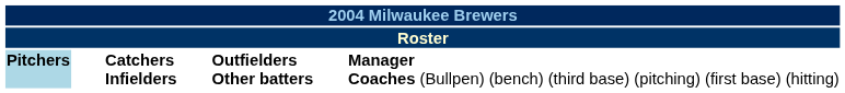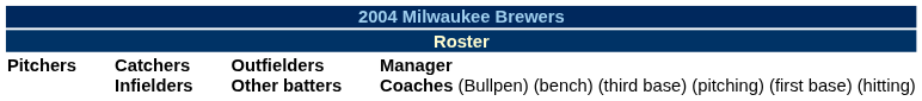 <table class="toccolours" style="font-size: 95%;">
 <tr>
 <th colspan="10" style="background-color: #00285D; color: #9ECEEE; text-align: center;">2004 Milwaukee Brewers</th>
 </tr>
 <tr>
 <td colspan="10" style="background-color: #003366; color: #FFFDD0; text-align: center;"><strong>Roster</strong></td>
 </tr>
 <tr>
-<td valign="top" style="background: lightblue;"><strong>Pitchers</strong><br>                    </td>
+<td valign="top"><strong>Pitchers</strong><br>                    </td>
 <td width="25px"></td>
 <td valign="top"><strong>Catchers</strong><br>   <strong>Infielders</strong>         </td>
 <td width="25px"></td>
 <td valign="top"><strong>Outfielders</strong><br>       <strong>Other batters</strong> </td>
 <td width="25px"></td>
 <td valign="top"><strong>Manager</strong><br>  <strong>Coaches</strong>  (Bullpen)  (bench)  (third base)    (pitching)   (first base)  (hitting)</td>
 </tr>
 <tr>
 </tr>
 </table>
